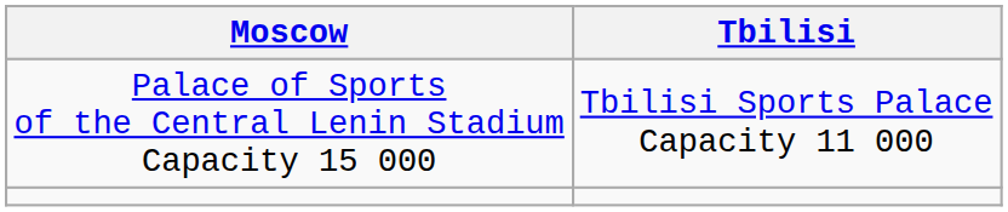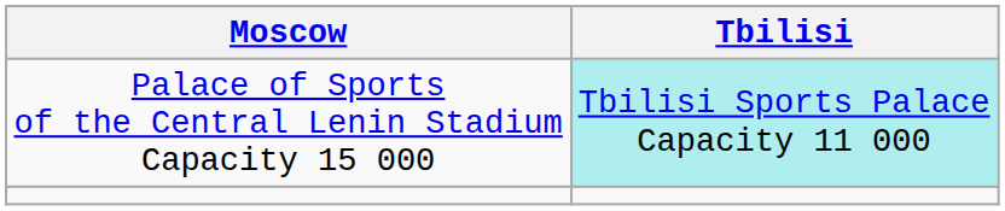 <table class="wikitable" style="text-align:center;">
 <tr>
 <th><a href='#'>Moscow</a></th>
 <th><a href='#'>Tbilisi</a></th>
 </tr>
 <tr>
 <td><a href='#'>Palace of Sports<br> of the Central Lenin Stadium</a><br>Capacity 15 000</td>
-<td><a href='#'>Tbilisi Sports Palace</a><br>Capacity 11 000</td>
+<td style="background: paleturquoise;"><a href='#'>Tbilisi Sports Palace</a><br>Capacity 11 000</td>
 </tr>
 <tr>
 <td></td>
 <td></td>
 </tr>
 </table>
